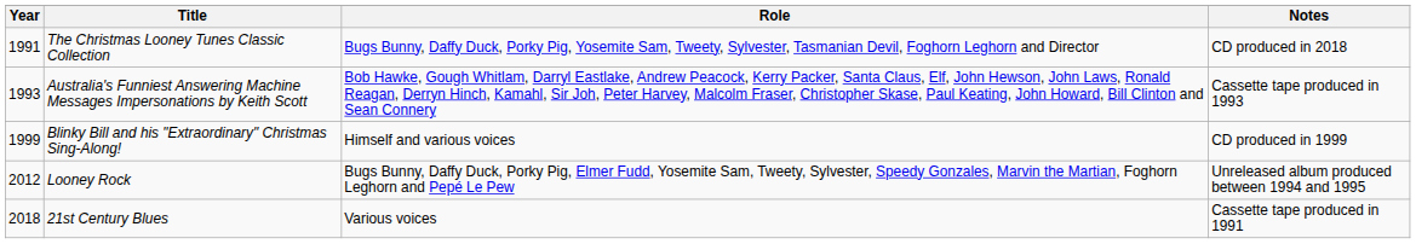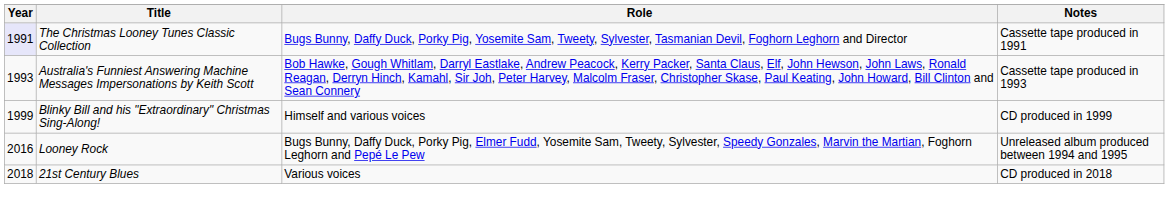 <table class="wikitable">
 <tr style="background:#b0c4de; text-aligb:center;">
 </tr>
 <tr>
 <th>Year</th>
 <th>Title</th>
 <th>Role</th>
 <th>Notes</th>
 </tr>
 <tr>
-<td>1991</td>
+<td style="background: lavender;">1991</td>
 <td><em>The Christmas Looney Tunes Classic Collection</em></td>
 <td><a href='#'>Bugs Bunny</a>, <a href='#'>Daffy Duck</a>, <a href='#'>Porky Pig</a>, <a href='#'>Yosemite Sam</a>, <a href='#'>Tweety</a>, <a href='#'>Sylvester</a>, <a href='#'>Tasmanian Devil</a>, <a href='#'>Foghorn Leghorn</a> and Director</td>
-<td>CD produced in 2018</td>
+<td>Cassette tape produced in 1991</td>
 </tr>
 <tr>
 <td>1993</td>
 <td><em>Australia's Funniest Answering Machine Messages Impersonations by Keith Scott</em></td>
 <td><a href='#'>Bob Hawke</a>, <a href='#'>Gough Whitlam</a>, <a href='#'>Darryl Eastlake</a>, <a href='#'>Andrew Peacock</a>, <a href='#'>Kerry Packer</a>, <a href='#'>Santa Claus</a>, <a href='#'>Elf</a>, <a href='#'>John Hewson</a>, <a href='#'>John Laws</a>, <a href='#'>Ronald Reagan</a>, <a href='#'>Derryn Hinch</a>, <a href='#'>Kamahl</a>, <a href='#'>Sir Joh</a>, <a href='#'>Peter Harvey</a>, <a href='#'>Malcolm Fraser</a>, <a href='#'>Christopher Skase</a>, <a href='#'>Paul Keating</a>, <a href='#'>John Howard</a>, <a href='#'>Bill Clinton</a> and <a href='#'>Sean Connery</a></td>
 <td>Cassette tape produced in 1993</td>
 </tr>
 <tr>
 <td>1999</td>
 <td><em>Blinky Bill and his "Extraordinary" Christmas Sing-Along!</em></td>
 <td>Himself and various voices</td>
 <td>CD produced in 1999</td>
 </tr>
 <tr>
-<td>2012</td>
+<td>2016</td>
 <td><em>Looney Rock</em></td>
 <td>Bugs Bunny, Daffy Duck, Porky Pig, <a href='#'>Elmer Fudd</a>, Yosemite Sam, Tweety, Sylvester, <a href='#'>Speedy Gonzales</a>, <a href='#'>Marvin the Martian</a>, Foghorn Leghorn and <a href='#'>Pepé Le Pew</a></td>
 <td>Unreleased album produced between 1994 and 1995</td>
 </tr>
 <tr>
 <td>2018</td>
 <td><em>21st Century Blues</em></td>
 <td>Various voices</td>
-<td>Cassette tape produced in 1991</td>
+<td>CD produced in 2018</td>
 </tr>
 </table>
